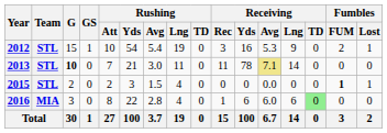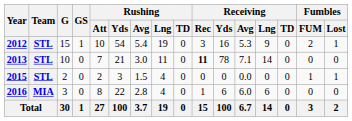 <table class="wikitable" style="text-align:center;">
 <tr>
 <th rowspan="2">Year</th>
 <th rowspan="2">Team</th>
 <th rowspan="2">G</th>
 <th rowspan="2">GS</th>
 <th colspan="5">Rushing</th>
 <th colspan="5">Receiving</th>
 <th colspan="2">Fumbles</th>
 </tr>
 <tr>
 <th>Att</th>
 <th>Yds</th>
 <th>Avg</th>
 <th>Lng</th>
 <th>TD</th>
 <th>Rec</th>
 <th>Yds</th>
 <th>Avg</th>
 <th>Lng</th>
 <th>TD</th>
 <th>FUM</th>
 <th>Lost</th>
 </tr>
 <tr>
 <th><a href='#'>2012</a></th>
 <th><a href='#'>STL</a></th>
 <td>15</td>
 <td>1</td>
 <td>10</td>
 <td>54</td>
 <td>5.4</td>
 <td>19</td>
 <td>0</td>
 <td>3</td>
 <td>16</td>
 <td>5.3</td>
 <td>9</td>
 <td>0</td>
 <td>2</td>
 <td>1</td>
 </tr>
 <tr>
 <th><a href='#'>2013</a></th>
 <th><a href='#'>STL</a></th>
-<td><strong>10</strong></td>
+<td>10</td>
 <td>0</td>
 <td>7</td>
 <td>21</td>
 <td>3.0</td>
 <td>11</td>
 <td>0</td>
-<td>11</td>
+<td><strong>11</strong></td>
 <td>78</td>
-<td style="background: khaki;">7.1</td>
+<td>7.1</td>
 <td>14</td>
 <td>0</td>
 <td>0</td>
 <td>0</td>
 </tr>
 <tr>
 <th><a href='#'>2015</a></th>
 <th><a href='#'>STL</a></th>
 <td>2</td>
 <td>0</td>
 <td>2</td>
 <td>3</td>
 <td>1.5</td>
 <td>4</td>
 <td>0</td>
 <td>0</td>
 <td>0</td>
 <td>0.0</td>
 <td>0</td>
 <td>0</td>
-<td><strong>1</strong></td>
+<td>1</td>
 <td>1</td>
 </tr>
 <tr>
 <th><a href='#'>2016</a></th>
 <th><a href='#'>MIA</a></th>
 <td>3</td>
 <td>0</td>
 <td>8</td>
 <td>22</td>
 <td>2.8</td>
 <td>4</td>
 <td>0</td>
 <td>1</td>
 <td>6</td>
 <td>6.0</td>
 <td>6</td>
-<td style="background: lightgreen;">0</td>
+<td>0</td>
 <td>0</td>
 <td>0</td>
 </tr>
 <tr>
 <th colspan="2">Total</th>
 <th>30</th>
 <th>1</th>
 <th>27</th>
 <th>100</th>
 <th>3.7</th>
 <th>19</th>
 <th>0</th>
 <th>15</th>
 <th>100</th>
 <th>6.7</th>
 <th>14</th>
 <th>0</th>
 <th>3</th>
 <th>2</th>
 </tr>
 </table>
